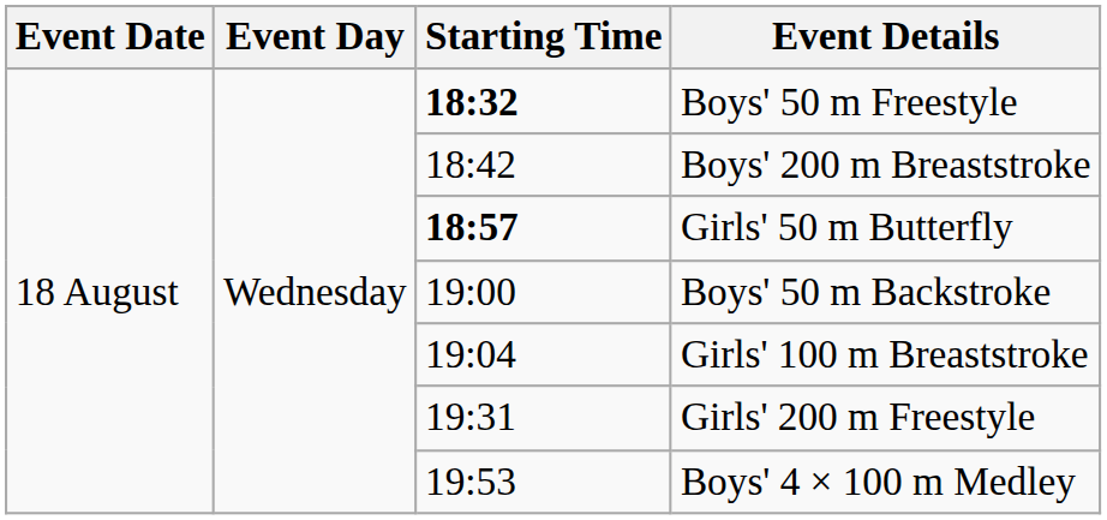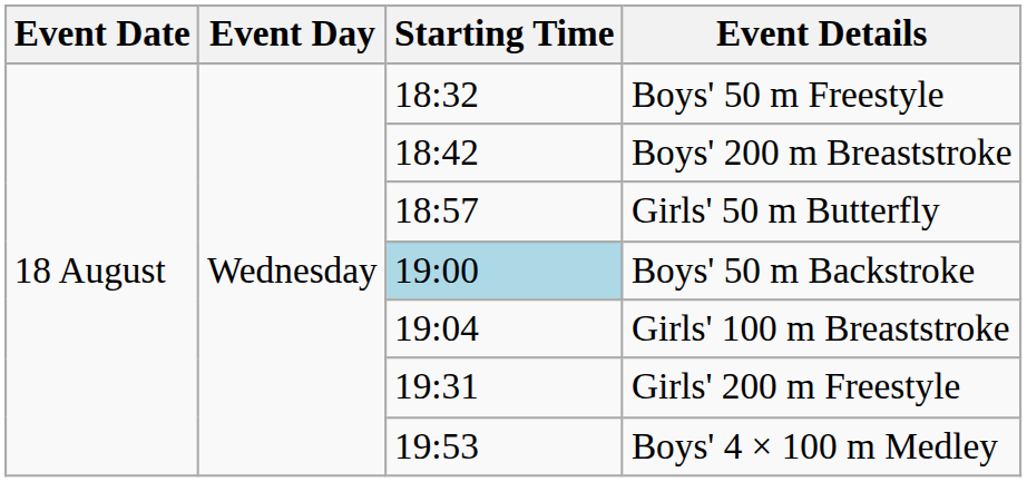 <table class="wikitable">
 <tr>
 <th>Event Date</th>
 <th>Event Day</th>
 <th>Starting Time</th>
 <th>Event Details</th>
 </tr>
 <tr>
 <td rowspan=7>18 August</td>
 <td rowspan=7>Wednesday</td>
-<td><strong>18:32</strong></td>
+<td>18:32</td>
 <td>Boys' 50 m Freestyle</td>
 </tr>
 <tr>
 <td>18:42</td>
 <td>Boys' 200 m Breaststroke</td>
 </tr>
 <tr>
-<td><strong>18:57</strong></td>
+<td>18:57</td>
 <td>Girls' 50 m Butterfly</td>
 </tr>
 <tr>
-<td>19:00</td>
+<td style="background: lightblue;">19:00</td>
 <td>Boys' 50 m Backstroke</td>
 </tr>
 <tr>
 <td>19:04</td>
 <td>Girls' 100 m Breaststroke</td>
 </tr>
 <tr>
 <td>19:31</td>
 <td>Girls' 200 m Freestyle</td>
 </tr>
 <tr>
 <td>19:53</td>
 <td>Boys' 4 × 100 m Medley</td>
 </tr>
 </table>
